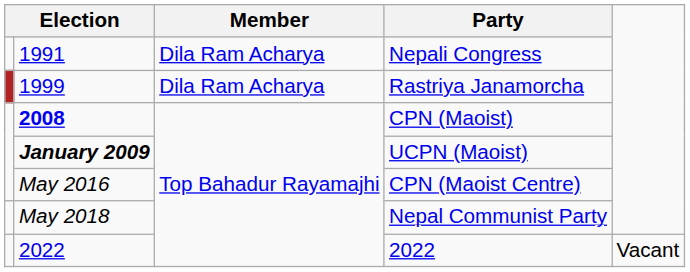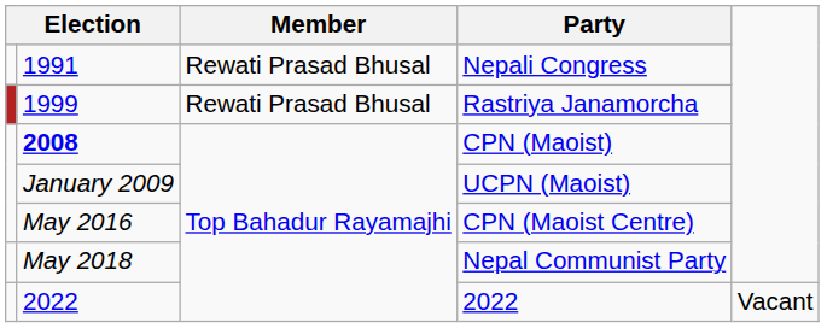 <table class="wikitable">
 <tr>
 <th colspan="2">Election</th>
 <th>Member</th>
 <th>Party</th>
 </tr>
 <tr>
 <td style="background-color:"></td>
 <td><a href='#'>1991</a></td>
-<td><a href='#'>Dila Ram Acharya</a></td>
+<td>Rewati Prasad Bhusal</td>
 <td><a href='#'>Nepali Congress</a></td>
 </tr>
 <tr>
 <td style="background-color:firebrick"></td>
 <td><a href='#'>1999</a></td>
-<td><a href='#'>Dila Ram Acharya</a></td>
+<td>Rewati Prasad Bhusal</td>
 <td><a href='#'>Rastriya Janamorcha</a></td>
 </tr>
 <tr>
 <td rowspan="3" style="background-color:"></td>
 <td><strong><a href='#'>2008</a></strong></td>
 <td rowspan="5"><a href='#'>Top Bahadur Rayamajhi</a></td>
 <td><a href='#'>CPN (Maoist)</a></td>
 </tr>
 <tr>
-<td><strong><em>January 2009</em></strong></td>
+<td><em>January 2009</em></td>
 <td><a href='#'>UCPN (Maoist)</a></td>
 </tr>
 <tr>
 <td><em>May 2016</em></td>
 <td><a href='#'>CPN (Maoist Centre)</a></td>
 </tr>
 <tr>
 <td style="background-color:"></td>
 <td><em>May 2018</em></td>
 <td><a href='#'>Nepal Communist Party</a></td>
 </tr>
 <tr>
 <td></td>
 <td><a href='#'>2022</a></td>
 <td><a href='#'>2022</a></td>
 <td>Vacant</td>
 </tr>
 </table>
